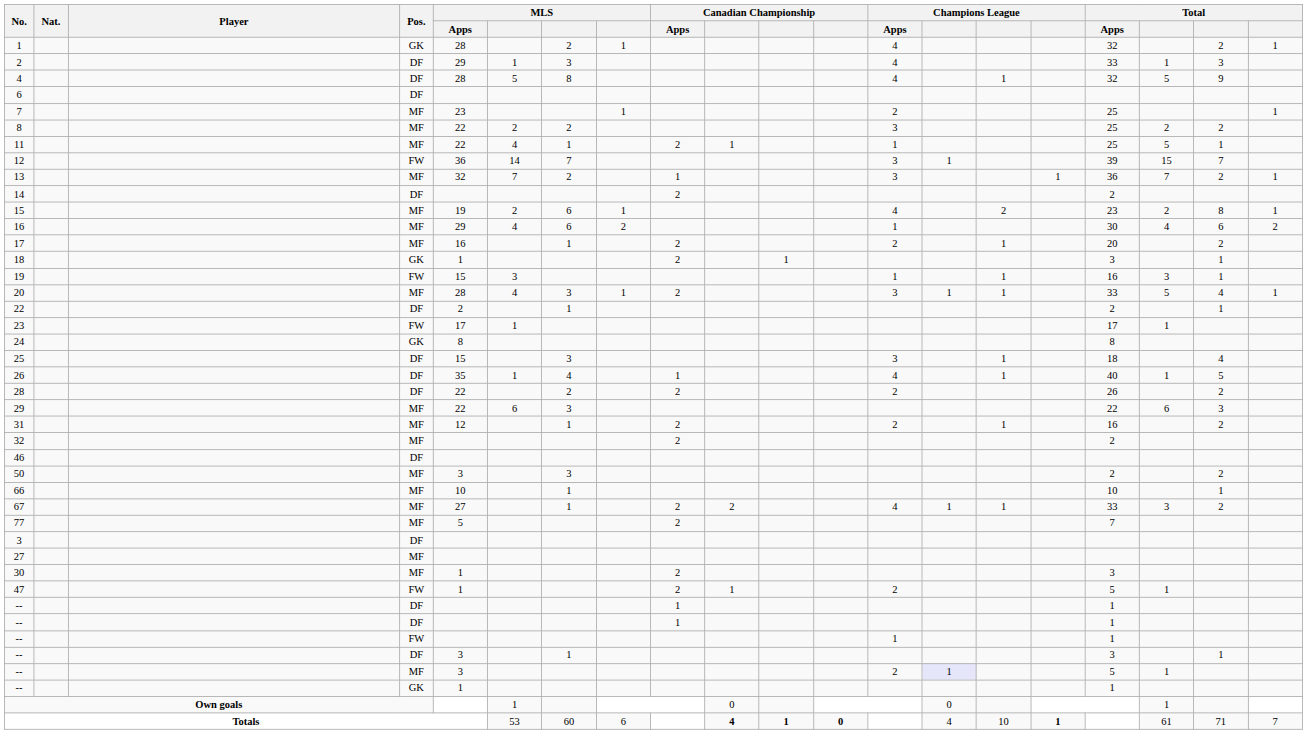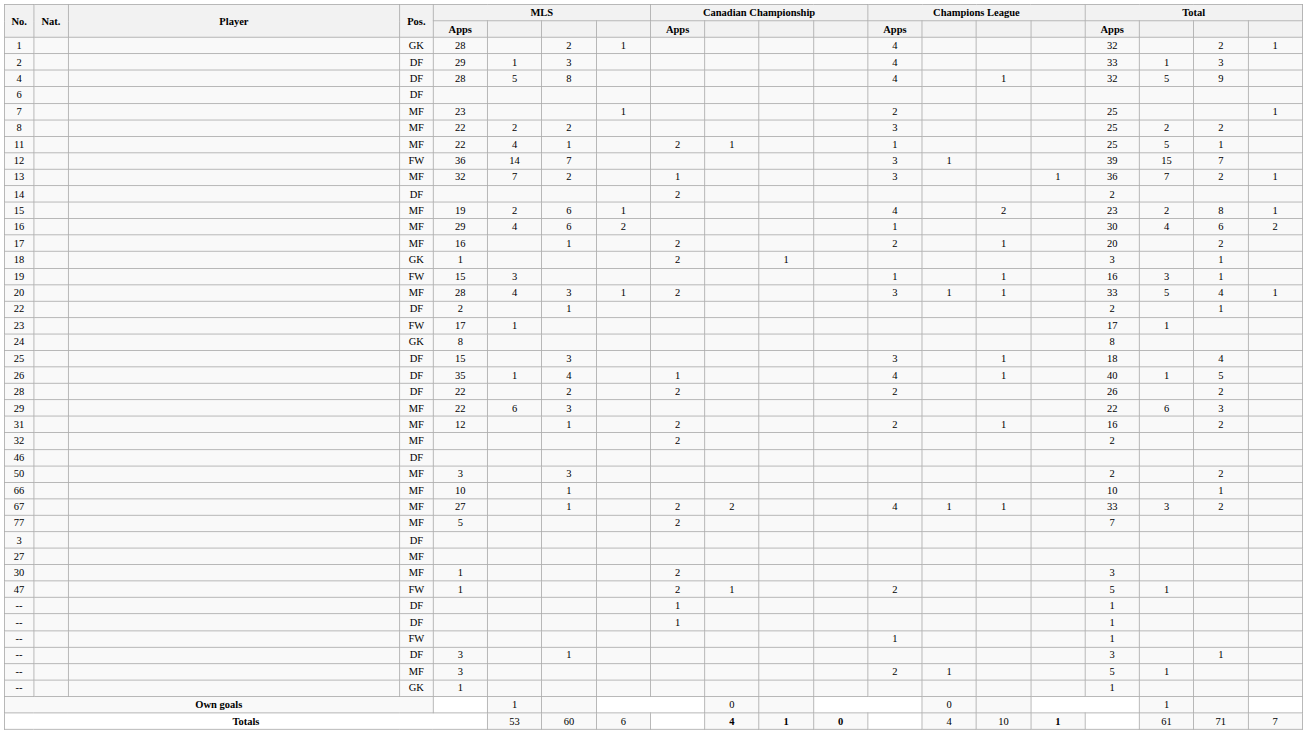 <table class="wikitable sortable alternance"  style="font-size:80%; text-align:center; line-height:14px; width:100%;">
 <tr>
 <th rowspan="2" style="width:10px;"><strong>No.</strong></th>
 <th rowspan="2" style="width:10px;"><strong>Nat.</strong></th>
 <th rowspan="2" scope=col style="width:275px;"><strong>Player</strong></th>
 <th rowspan="2" style="width:10px;"><strong>Pos.</strong></th>
 <th colspan="4"><strong>MLS</strong></th>
 <th colspan="4"><strong>Canadian Championship</strong></th>
 <th colspan="4"><strong>Champions League</strong></th>
 <th colspan="4"><strong>Total</strong></th>
 </tr>
 <tr style="text-align:center;">
 <th width=40><strong>Apps</strong></th>
 <th width=40></th>
 <th width=40></th>
 <th width=40></th>
 <th width=40><strong>Apps</strong></th>
 <th width=40></th>
 <th width=40></th>
 <th width=40></th>
 <th width=40><strong>Apps</strong></th>
 <th width=40></th>
 <th width=40></th>
 <th width=40></th>
 <th width=40><strong>Apps</strong></th>
 <th width=40></th>
 <th width=40></th>
 <th width=40></th>
 </tr>
 <tr>
 <td>1</td>
 <td></td>
 <td></td>
 <td>GK</td>
 <td>28</td>
 <td></td>
 <td>2</td>
 <td>1</td>
 <td></td>
 <td></td>
 <td></td>
 <td></td>
 <td>4</td>
 <td></td>
 <td></td>
 <td></td>
 <td>32</td>
 <td></td>
 <td>2</td>
 <td>1</td>
 </tr>
 <tr>
 <td>2</td>
 <td></td>
 <td></td>
 <td>DF</td>
 <td>29</td>
 <td>1</td>
 <td>3</td>
 <td></td>
 <td></td>
 <td></td>
 <td></td>
 <td></td>
 <td>4</td>
 <td></td>
 <td></td>
 <td></td>
 <td>33</td>
 <td>1</td>
 <td>3</td>
 <td></td>
 </tr>
 <tr>
 <td>4</td>
 <td></td>
 <td></td>
 <td>DF</td>
 <td>28</td>
 <td>5</td>
 <td>8</td>
 <td></td>
 <td></td>
 <td></td>
 <td></td>
 <td></td>
 <td>4</td>
 <td></td>
 <td>1</td>
 <td></td>
 <td>32</td>
 <td>5</td>
 <td>9</td>
 <td></td>
 </tr>
 <tr>
 <td>6</td>
 <td></td>
 <td></td>
 <td>DF</td>
 <td></td>
 <td></td>
 <td></td>
 <td></td>
 <td></td>
 <td></td>
 <td></td>
 <td></td>
 <td></td>
 <td></td>
 <td></td>
 <td></td>
 <td></td>
 <td></td>
 <td></td>
 <td></td>
 </tr>
 <tr>
 <td>7</td>
 <td></td>
 <td></td>
 <td>MF</td>
 <td>23</td>
 <td></td>
 <td></td>
 <td>1</td>
 <td></td>
 <td></td>
 <td></td>
 <td></td>
 <td>2</td>
 <td></td>
 <td></td>
 <td></td>
 <td>25</td>
 <td></td>
 <td></td>
 <td>1</td>
 </tr>
 <tr>
 <td>8</td>
 <td></td>
 <td></td>
 <td>MF</td>
 <td>22</td>
 <td>2</td>
 <td>2</td>
 <td></td>
 <td></td>
 <td></td>
 <td></td>
 <td></td>
 <td>3</td>
 <td></td>
 <td></td>
 <td></td>
 <td>25</td>
 <td>2</td>
 <td>2</td>
 <td></td>
 </tr>
 <tr>
 <td>11</td>
 <td></td>
 <td></td>
 <td>MF</td>
 <td>22</td>
 <td>4</td>
 <td>1</td>
 <td></td>
 <td>2</td>
 <td>1</td>
 <td></td>
 <td></td>
 <td>1</td>
 <td></td>
 <td></td>
 <td></td>
 <td>25</td>
 <td>5</td>
 <td>1</td>
 <td></td>
 </tr>
 <tr>
 <td>12</td>
 <td></td>
 <td></td>
 <td>FW</td>
 <td>36</td>
 <td>14</td>
 <td>7</td>
 <td></td>
 <td></td>
 <td></td>
 <td></td>
 <td></td>
 <td>3</td>
 <td>1</td>
 <td></td>
 <td></td>
 <td>39</td>
 <td>15</td>
 <td>7</td>
 <td></td>
 </tr>
 <tr>
 <td>13</td>
 <td></td>
 <td></td>
 <td>MF</td>
 <td>32</td>
 <td>7</td>
 <td>2</td>
 <td></td>
 <td>1</td>
 <td></td>
 <td></td>
 <td></td>
 <td>3</td>
 <td></td>
 <td></td>
 <td>1</td>
 <td>36</td>
 <td>7</td>
 <td>2</td>
 <td>1</td>
 </tr>
 <tr>
 <td>14</td>
 <td></td>
 <td></td>
 <td>DF</td>
 <td></td>
 <td></td>
 <td></td>
 <td></td>
 <td>2</td>
 <td></td>
 <td></td>
 <td></td>
 <td></td>
 <td></td>
 <td></td>
 <td></td>
 <td>2</td>
 <td></td>
 <td></td>
 <td></td>
 </tr>
 <tr>
 <td>15</td>
 <td></td>
 <td></td>
 <td>MF</td>
 <td>19</td>
 <td>2</td>
 <td>6</td>
 <td>1</td>
 <td></td>
 <td></td>
 <td></td>
 <td></td>
 <td>4</td>
 <td></td>
 <td>2</td>
 <td></td>
 <td>23</td>
 <td>2</td>
 <td>8</td>
 <td>1</td>
 </tr>
 <tr>
 <td>16</td>
 <td></td>
 <td></td>
 <td>MF</td>
 <td>29</td>
 <td>4</td>
 <td>6</td>
 <td>2</td>
 <td></td>
 <td></td>
 <td></td>
 <td></td>
 <td>1</td>
 <td></td>
 <td></td>
 <td></td>
 <td>30</td>
 <td>4</td>
 <td>6</td>
 <td>2</td>
 </tr>
 <tr>
 <td>17</td>
 <td></td>
 <td></td>
 <td>MF</td>
 <td>16</td>
 <td></td>
 <td>1</td>
 <td></td>
 <td>2</td>
 <td></td>
 <td></td>
 <td></td>
 <td>2</td>
 <td></td>
 <td>1</td>
 <td></td>
 <td>20</td>
 <td></td>
 <td>2</td>
 <td></td>
 </tr>
 <tr>
 <td>18</td>
 <td></td>
 <td></td>
 <td>GK</td>
 <td>1</td>
 <td></td>
 <td></td>
 <td></td>
 <td>2</td>
 <td></td>
 <td>1</td>
 <td></td>
 <td></td>
 <td></td>
 <td></td>
 <td></td>
 <td>3</td>
 <td></td>
 <td>1</td>
 <td></td>
 </tr>
 <tr>
 <td>19</td>
 <td></td>
 <td></td>
 <td>FW</td>
 <td>15</td>
 <td>3</td>
 <td></td>
 <td></td>
 <td></td>
 <td></td>
 <td></td>
 <td></td>
 <td>1</td>
 <td></td>
 <td>1</td>
 <td></td>
 <td>16</td>
 <td>3</td>
 <td>1</td>
 <td></td>
 </tr>
 <tr>
 <td>20</td>
 <td></td>
 <td></td>
 <td>MF</td>
 <td>28</td>
 <td>4</td>
 <td>3</td>
 <td>1</td>
 <td>2</td>
 <td></td>
 <td></td>
 <td></td>
 <td>3</td>
 <td>1</td>
 <td>1</td>
 <td></td>
 <td>33</td>
 <td>5</td>
 <td>4</td>
 <td>1</td>
 </tr>
 <tr>
 <td>22</td>
 <td></td>
 <td></td>
 <td>DF</td>
 <td>2</td>
 <td></td>
 <td>1</td>
 <td></td>
 <td></td>
 <td></td>
 <td></td>
 <td></td>
 <td></td>
 <td></td>
 <td></td>
 <td></td>
 <td>2</td>
 <td></td>
 <td>1</td>
 <td></td>
 </tr>
 <tr>
 <td>23</td>
 <td></td>
 <td></td>
 <td>FW</td>
 <td>17</td>
 <td>1</td>
 <td></td>
 <td></td>
 <td></td>
 <td></td>
 <td></td>
 <td></td>
 <td></td>
 <td></td>
 <td></td>
 <td></td>
 <td>17</td>
 <td>1</td>
 <td></td>
 <td></td>
 </tr>
 <tr>
 <td>24</td>
 <td></td>
 <td></td>
 <td>GK</td>
 <td>8</td>
 <td></td>
 <td></td>
 <td></td>
 <td></td>
 <td></td>
 <td></td>
 <td></td>
 <td></td>
 <td></td>
 <td></td>
 <td></td>
 <td>8</td>
 <td></td>
 <td></td>
 <td></td>
 </tr>
 <tr>
 <td>25</td>
 <td></td>
 <td></td>
 <td>DF</td>
 <td>15</td>
 <td></td>
 <td>3</td>
 <td></td>
 <td></td>
 <td></td>
 <td></td>
 <td></td>
 <td>3</td>
 <td></td>
 <td>1</td>
 <td></td>
 <td>18</td>
 <td></td>
 <td>4</td>
 <td></td>
 </tr>
 <tr>
 <td>26</td>
 <td></td>
 <td></td>
 <td>DF</td>
 <td>35</td>
 <td>1</td>
 <td>4</td>
 <td></td>
 <td>1</td>
 <td></td>
 <td></td>
 <td></td>
 <td>4</td>
 <td></td>
 <td>1</td>
 <td></td>
 <td>40</td>
 <td>1</td>
 <td>5</td>
 <td></td>
 </tr>
 <tr>
 <td>28</td>
 <td></td>
 <td></td>
 <td>DF</td>
 <td>22</td>
 <td></td>
 <td>2</td>
 <td></td>
 <td>2</td>
 <td></td>
 <td></td>
 <td></td>
 <td>2</td>
 <td></td>
 <td></td>
 <td></td>
 <td>26</td>
 <td></td>
 <td>2</td>
 <td></td>
 </tr>
 <tr>
 <td>29</td>
 <td></td>
 <td></td>
 <td>MF</td>
 <td>22</td>
 <td>6</td>
 <td>3</td>
 <td></td>
 <td></td>
 <td></td>
 <td></td>
 <td></td>
 <td></td>
 <td></td>
 <td></td>
 <td></td>
 <td>22</td>
 <td>6</td>
 <td>3</td>
 <td></td>
 </tr>
 <tr>
 <td>31</td>
 <td></td>
 <td></td>
 <td>MF</td>
 <td>12</td>
 <td></td>
 <td>1</td>
 <td></td>
 <td>2</td>
 <td></td>
 <td></td>
 <td></td>
 <td>2</td>
 <td></td>
 <td>1</td>
 <td></td>
 <td>16</td>
 <td></td>
 <td>2</td>
 <td></td>
 </tr>
 <tr>
 <td>32</td>
 <td></td>
 <td></td>
 <td>MF</td>
 <td></td>
 <td></td>
 <td></td>
 <td></td>
 <td>2</td>
 <td></td>
 <td></td>
 <td></td>
 <td></td>
 <td></td>
 <td></td>
 <td></td>
 <td>2</td>
 <td></td>
 <td></td>
 <td></td>
 </tr>
 <tr>
 <td>46</td>
 <td></td>
 <td></td>
 <td>DF</td>
 <td></td>
 <td></td>
 <td></td>
 <td></td>
 <td></td>
 <td></td>
 <td></td>
 <td></td>
 <td></td>
 <td></td>
 <td></td>
 <td></td>
 <td></td>
 <td></td>
 <td></td>
 <td></td>
 </tr>
 <tr>
 <td>50</td>
 <td></td>
 <td></td>
 <td>MF</td>
 <td>3</td>
 <td></td>
 <td>3</td>
 <td></td>
 <td></td>
 <td></td>
 <td></td>
 <td></td>
 <td></td>
 <td></td>
 <td></td>
 <td></td>
 <td>2</td>
 <td></td>
 <td>2</td>
 <td></td>
 </tr>
 <tr>
 <td>66</td>
 <td></td>
 <td></td>
 <td>MF</td>
 <td>10</td>
 <td></td>
 <td>1</td>
 <td></td>
 <td></td>
 <td></td>
 <td></td>
 <td></td>
 <td></td>
 <td></td>
 <td></td>
 <td></td>
 <td>10</td>
 <td></td>
 <td>1</td>
 <td></td>
 </tr>
 <tr>
 <td>67</td>
 <td></td>
 <td></td>
 <td>MF</td>
 <td>27</td>
 <td></td>
 <td>1</td>
 <td></td>
 <td>2</td>
 <td>2</td>
 <td></td>
 <td></td>
 <td>4</td>
 <td>1</td>
 <td>1</td>
 <td></td>
 <td>33</td>
 <td>3</td>
 <td>2</td>
 <td></td>
 </tr>
 <tr>
 <td>77</td>
 <td></td>
 <td></td>
 <td>MF</td>
 <td>5</td>
 <td></td>
 <td></td>
 <td></td>
 <td>2</td>
 <td></td>
 <td></td>
 <td></td>
 <td></td>
 <td></td>
 <td></td>
 <td></td>
 <td>7</td>
 <td></td>
 <td></td>
 <td></td>
 </tr>
 <tr>
 <td>3</td>
 <td></td>
 <td></td>
 <td>DF</td>
 <td></td>
 <td></td>
 <td></td>
 <td></td>
 <td></td>
 <td></td>
 <td></td>
 <td></td>
 <td></td>
 <td></td>
 <td></td>
 <td></td>
 <td></td>
 <td></td>
 <td></td>
 <td></td>
 </tr>
 <tr>
 <td>27</td>
 <td></td>
 <td></td>
 <td>MF</td>
 <td></td>
 <td></td>
 <td></td>
 <td></td>
 <td></td>
 <td></td>
 <td></td>
 <td></td>
 <td></td>
 <td></td>
 <td></td>
 <td></td>
 <td></td>
 <td></td>
 <td></td>
 <td></td>
 </tr>
 <tr>
 <td>30</td>
 <td></td>
 <td></td>
 <td>MF</td>
 <td>1</td>
 <td></td>
 <td></td>
 <td></td>
 <td>2</td>
 <td></td>
 <td></td>
 <td></td>
 <td></td>
 <td></td>
 <td></td>
 <td></td>
 <td>3</td>
 <td></td>
 <td></td>
 <td></td>
 </tr>
 <tr>
 <td>47</td>
 <td></td>
 <td></td>
 <td>FW</td>
 <td>1</td>
 <td></td>
 <td></td>
 <td></td>
 <td>2</td>
 <td>1</td>
 <td></td>
 <td></td>
 <td>2</td>
 <td></td>
 <td></td>
 <td></td>
 <td>5</td>
 <td>1</td>
 <td></td>
 <td></td>
 </tr>
 <tr>
 <td>--</td>
 <td></td>
 <td></td>
 <td>DF</td>
 <td></td>
 <td></td>
 <td></td>
 <td></td>
 <td>1</td>
 <td></td>
 <td></td>
 <td></td>
 <td></td>
 <td></td>
 <td></td>
 <td></td>
 <td>1</td>
 <td></td>
 <td></td>
 <td></td>
 </tr>
 <tr>
 <td>--</td>
 <td></td>
 <td></td>
 <td>DF</td>
 <td></td>
 <td></td>
 <td></td>
 <td></td>
 <td>1</td>
 <td></td>
 <td></td>
 <td></td>
 <td></td>
 <td></td>
 <td></td>
 <td></td>
 <td>1</td>
 <td></td>
 <td></td>
 <td></td>
 </tr>
 <tr>
 <td>--</td>
 <td></td>
 <td></td>
 <td>FW</td>
 <td></td>
 <td></td>
 <td></td>
 <td></td>
 <td></td>
 <td></td>
 <td></td>
 <td></td>
 <td>1</td>
 <td></td>
 <td></td>
 <td></td>
 <td>1</td>
 <td></td>
 <td></td>
 <td></td>
 </tr>
 <tr>
 <td>--</td>
 <td></td>
 <td></td>
 <td>DF</td>
 <td>3</td>
 <td></td>
 <td>1</td>
 <td></td>
 <td></td>
 <td></td>
 <td></td>
 <td></td>
 <td></td>
 <td></td>
 <td></td>
 <td></td>
 <td>3</td>
 <td></td>
 <td>1</td>
 <td></td>
 </tr>
 <tr>
 <td>--</td>
 <td></td>
 <td></td>
 <td>MF</td>
 <td>3</td>
 <td></td>
 <td></td>
 <td></td>
 <td></td>
 <td></td>
 <td></td>
 <td></td>
 <td>2</td>
-<td style="background: lavender;">1</td>
+<td>1</td>
 <td></td>
 <td></td>
 <td>5</td>
 <td>1</td>
 <td></td>
 <td></td>
 </tr>
 <tr>
 <td>--</td>
 <td></td>
 <td></td>
 <td>GK</td>
 <td>1</td>
 <td></td>
 <td></td>
 <td></td>
 <td></td>
 <td></td>
 <td></td>
 <td></td>
 <td></td>
 <td></td>
 <td></td>
 <td></td>
 <td>1</td>
 <td></td>
 <td></td>
 <td></td>
 </tr>
 <tr class="sortbottom">
 <td colspan="4"><strong>Own goals</strong></td>
 <td ! style="background:white; text-align: center;"></td>
 <td>1</td>
 <td></td>
 <td ! colspan="2" style="background:white; text-align: center;"></td>
 <td>0</td>
 <td></td>
 <td ! colspan="2" style="background:white; text-align: center;"></td>
 <td>0</td>
 <td></td>
 <td ! colspan="2" style="background:white; text-align: center;"></td>
 <td>1</td>
 <td></td>
 <td ! colspan="2" style="background:white; text-align: center;"></td>
 </tr>
 <tr class="sortbottom">
 <td colspan="5"  style="background:white; text-align: center;"><strong>Totals</strong></td>
 <td>53</td>
 <td>60</td>
 <td>6</td>
 <td ! rowspan="2" style="background:white; text-align: center;"></td>
 <td><strong>4</strong></td>
 <td><strong>1</strong></td>
 <td><strong>0</strong></td>
 <td ! rowspan="2" style="background:white; text-align: center;"></td>
 <td>4</td>
 <td>10</td>
 <td><strong>1</strong></td>
 <td ! rowspan="2" style="background:white; text-align: center;"></td>
 <td>61</td>
 <td>71</td>
 <td>7</td>
 </tr>
 </table>
